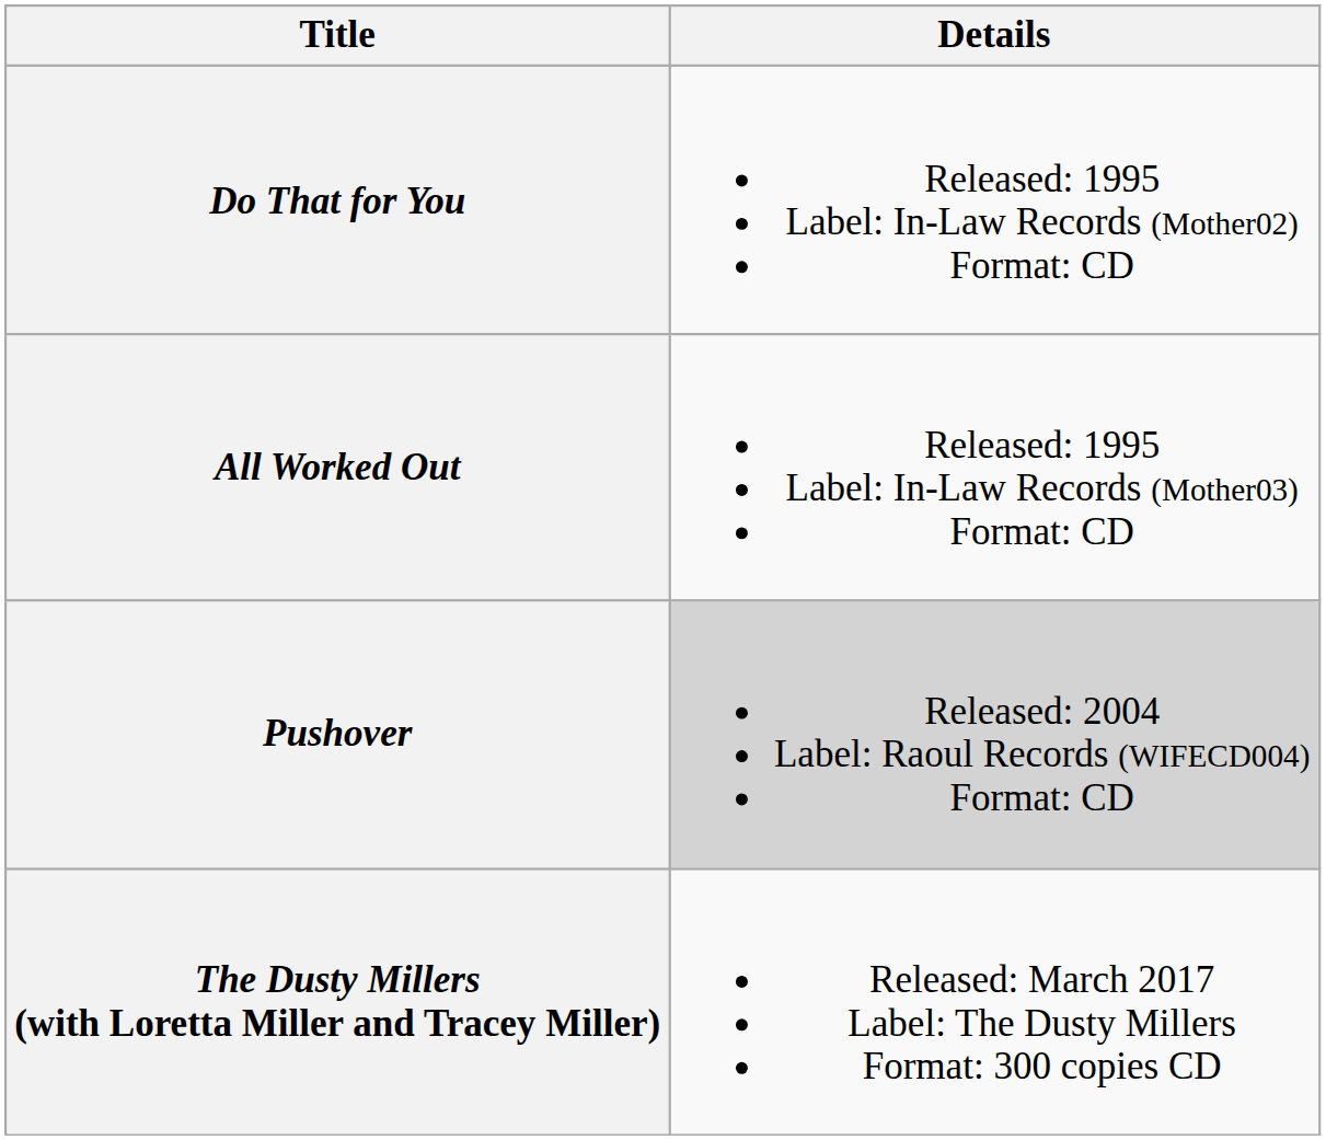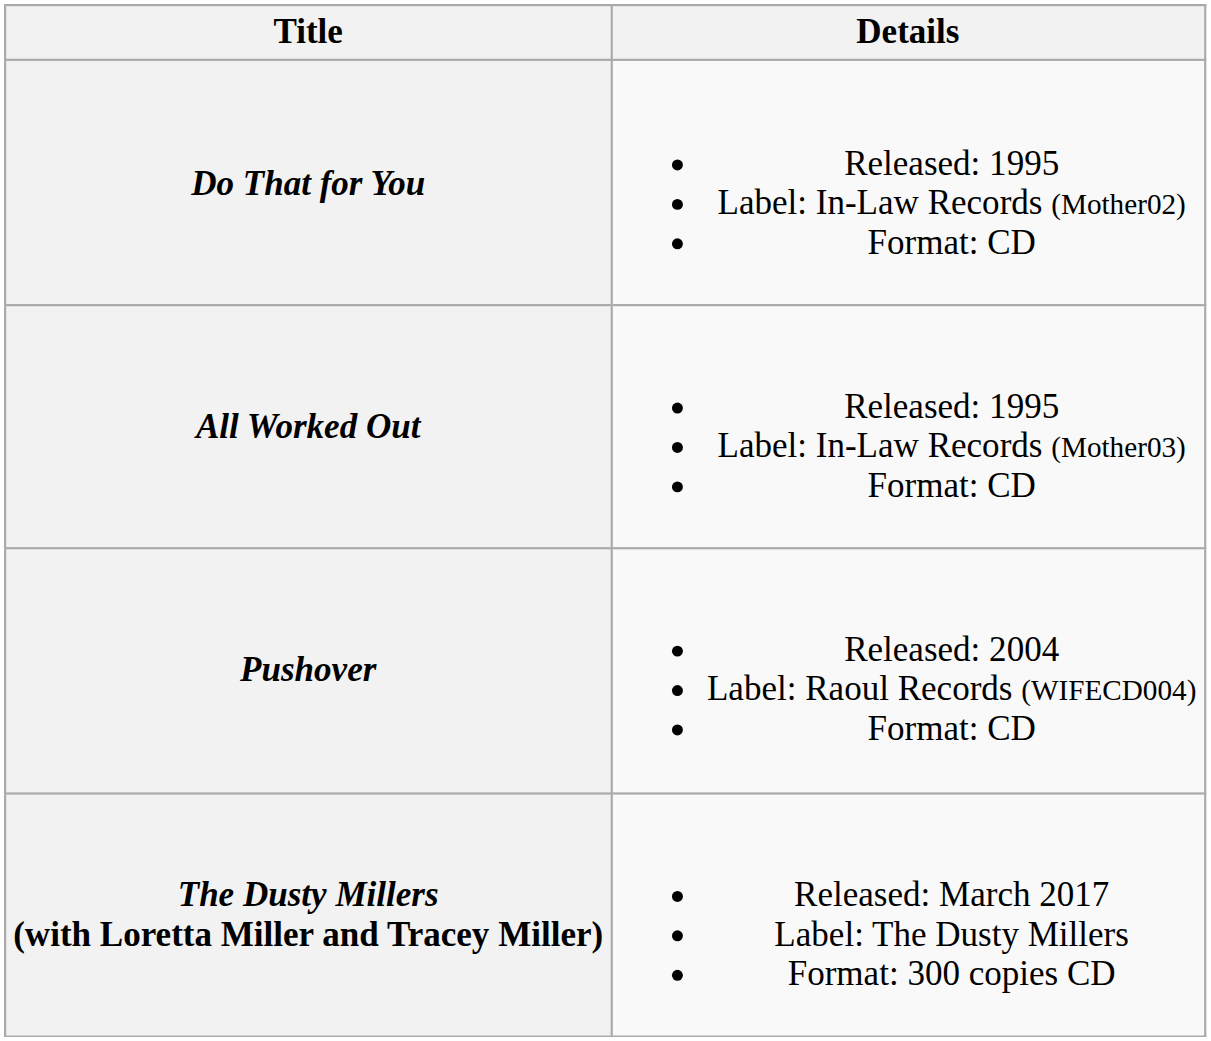 <table class="wikitable plainrowheaders" style="text-align:center;" border="1">
 <tr>
 <th>Title</th>
 <th>Details</th>
 </tr>
 <tr>
 <th scope="row"><em>Do That for You</em></th>
 <td><br><ul><li>Released: 1995</li><li>Label: In-Law Records <small>(Mother02)</small></li><li>Format: CD</li></ul></td>
 </tr>
 <tr>
 <th scope="row"><em>All Worked Out</em></th>
 <td><br><ul><li>Released: 1995</li><li>Label: In-Law Records <small>(Mother03)</small></li><li>Format: CD</li></ul></td>
 </tr>
 <tr>
 <th scope="row"><em>Pushover</em></th>
-<td style="background: lightgrey;"><br><ul><li>Released: 2004</li><li>Label: Raoul Records <small>(WIFECD004)</small></li><li>Format: CD</li></ul></td>
+<td><br><ul><li>Released: 2004</li><li>Label: Raoul Records <small>(WIFECD004)</small></li><li>Format: CD</li></ul></td>
 </tr>
 <tr>
 <th scope="row"><em>The Dusty Millers</em> <br> (with Loretta Miller and Tracey Miller)</th>
 <td><br><ul><li>Released: March 2017</li><li>Label: The Dusty Millers</li><li>Format: 300 copies CD</li></ul></td>
 </tr>
 </table>
